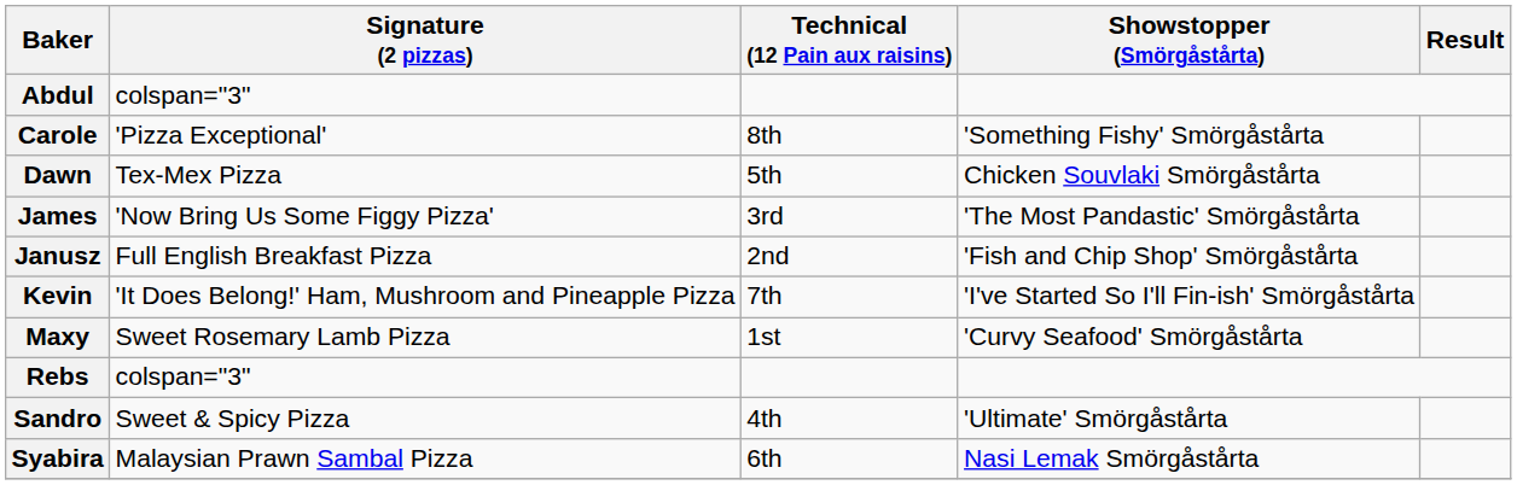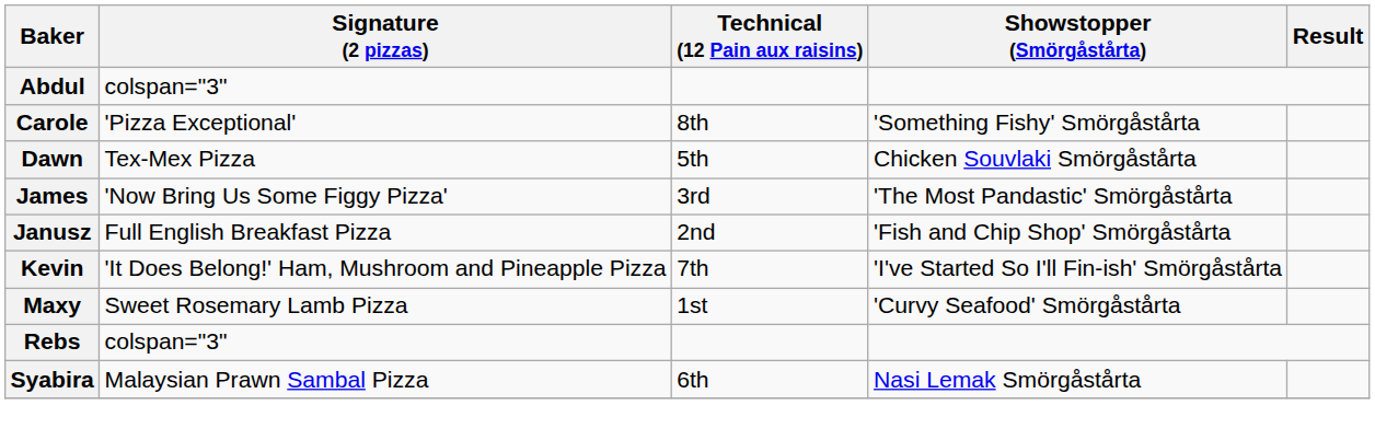 <table class="wikitable sortable col3center sticky-header">
 <tr>
 <th scope="col">Baker</th>
 <th scope="col" class="unsortable">Signature<br><small>(2 <a href='#'>pizzas</a>)</small></th>
 <th scope="col">Technical<br><small>(12 <a href='#'>Pain aux raisins</a>)</small></th>
 <th scope="col" class="unsortable">Showstopper<br><small>(<a href='#'>Smörgåstårta</a>)</small></th>
 <th scope="col">Result</th>
 </tr>
 <tr>
 <th scope="row">Abdul</th>
 <td>colspan="3" </td>
 <td></td>
 </tr>
 <tr>
 <th scope="row">Carole</th>
 <td>'Pizza Exceptional'</td>
 <td>8th</td>
 <td>'Something Fishy' Smörgåstårta</td>
 <td></td>
 </tr>
 <tr>
 <th scope="row">Dawn</th>
 <td>Tex-Mex Pizza</td>
 <td>5th</td>
 <td>Chicken <a href='#'>Souvlaki</a> Smörgåstårta</td>
 <td></td>
 </tr>
 <tr>
 <th scope="row">James</th>
 <td>'Now Bring Us Some Figgy Pizza'</td>
 <td>3rd</td>
 <td>'The Most Pandastic' Smörgåstårta</td>
 <td></td>
 </tr>
 <tr>
 <th scope="row">Janusz</th>
 <td>Full English Breakfast Pizza</td>
 <td>2nd</td>
 <td>'Fish and Chip Shop' Smörgåstårta</td>
 <td></td>
 </tr>
 <tr>
 <th scope="row">Kevin</th>
 <td>'It Does Belong!' Ham, Mushroom and Pineapple Pizza</td>
 <td>7th</td>
 <td>'I've Started So I'll Fin-ish' Smörgåstårta</td>
 <td></td>
 </tr>
 <tr>
 <th scope="row">Maxy</th>
 <td>Sweet Rosemary Lamb Pizza</td>
 <td>1st</td>
 <td>'Curvy Seafood' Smörgåstårta</td>
 <td></td>
 </tr>
 <tr>
 <th scope="row">Rebs</th>
 <td>colspan="3" </td>
 <td></td>
 </tr>
 <tr>
-<th scope="row">Sandro</th>
-<td>Sweet & Spicy Pizza</td>
-<td>4th</td>
-<td>'Ultimate' Smörgåstårta</td>
-<td></td>
-</tr>
-<tr>
 <th scope="row">Syabira</th>
 <td>Malaysian Prawn <a href='#'>Sambal</a> Pizza</td>
 <td>6th</td>
 <td><a href='#'>Nasi Lemak</a> Smörgåstårta</td>
 <td></td>
 </tr>
 <tr>
 </tr>
 </table>
